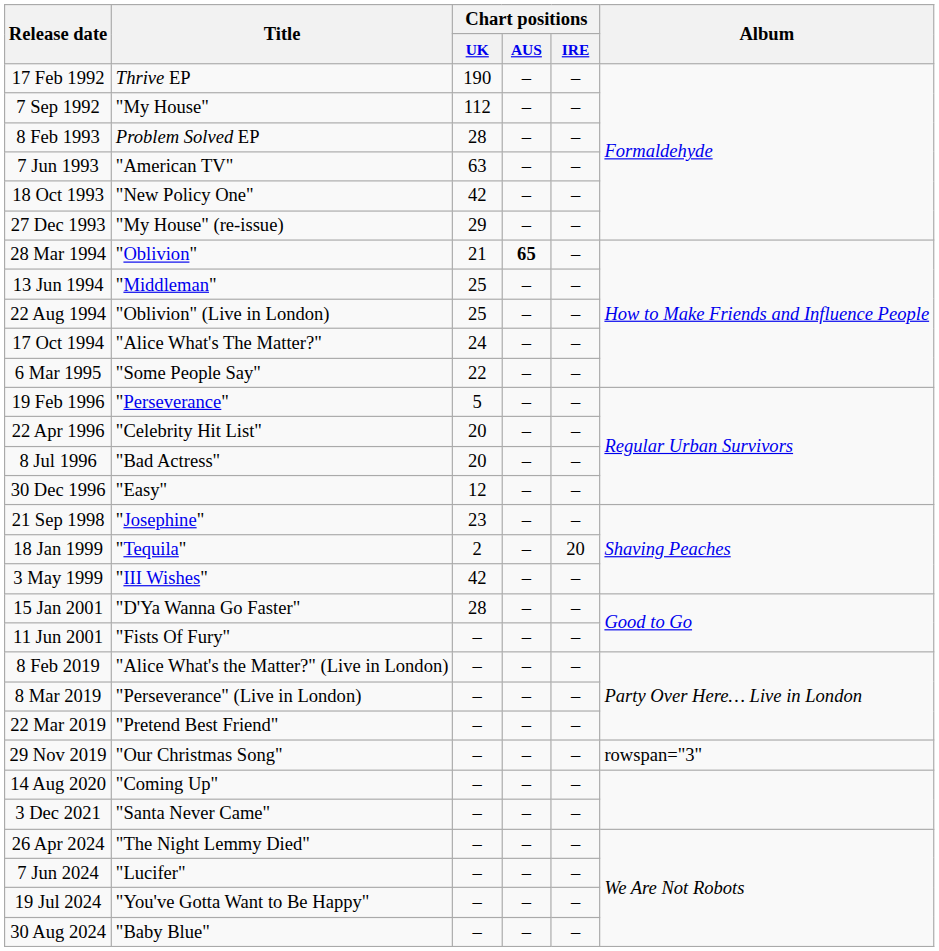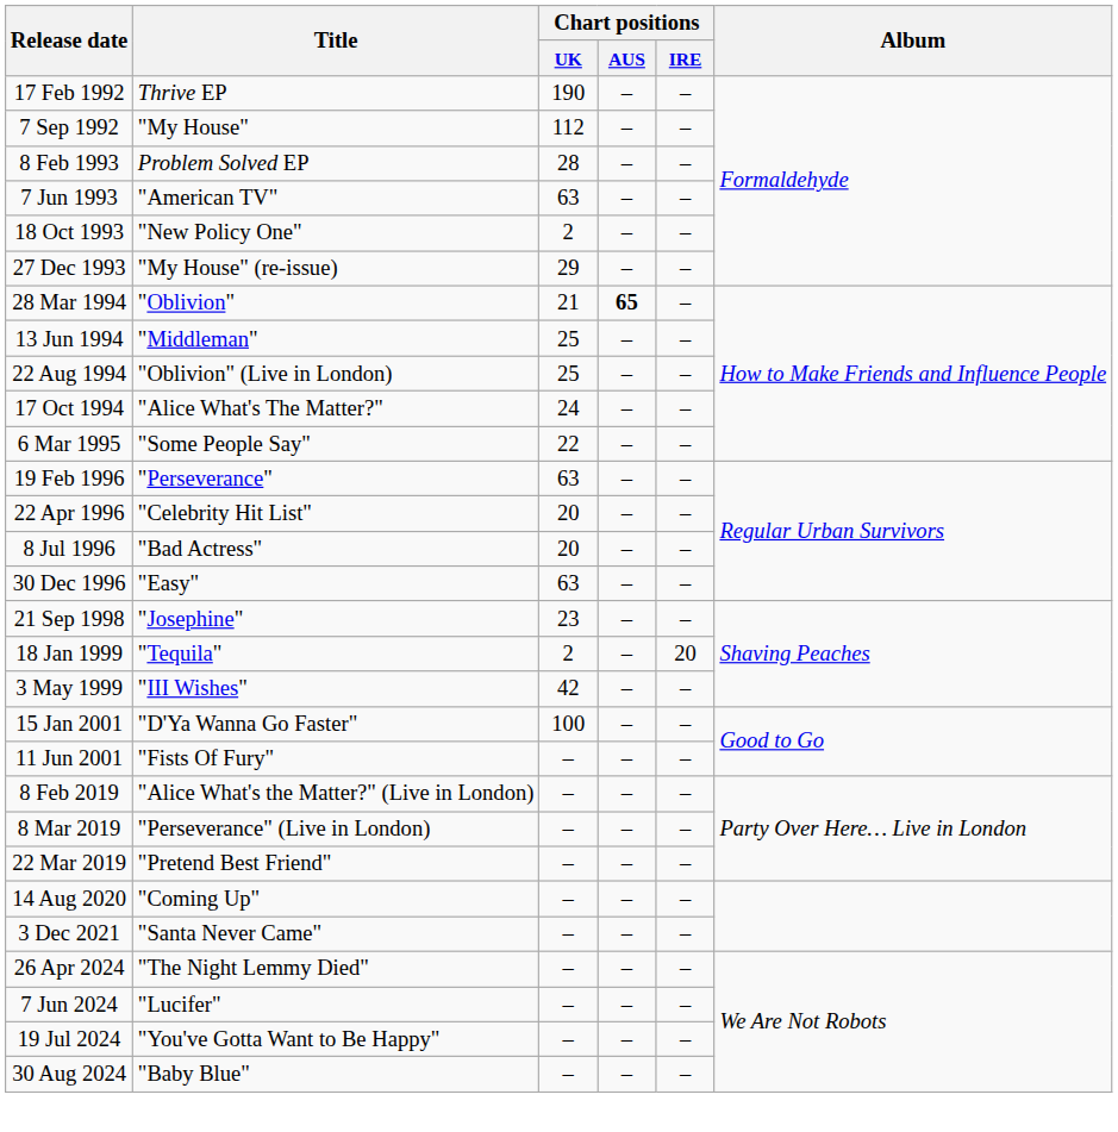 <table class="wikitable">
 <tr>
 <th rowspan="2">Release date</th>
 <th rowspan="2">Title</th>
 <th colspan="3">Chart positions</th>
 <th rowspan="2">Album</th>
 </tr>
 <tr>
 <th width="35"><small><a href='#'>UK</a><br></small></th>
 <th width="35"><small><a href='#'>AUS</a><br></small></th>
 <th width="35"><small><a href='#'>IRE</a><br></small></th>
 </tr>
 <tr>
 <td align=center>17 Feb 1992</td>
 <td><em>Thrive</em> EP</td>
 <td style="text-align:center;">190</td>
 <td style="text-align:center;">–</td>
 <td style="text-align:center;">–</td>
 <td rowspan="6"><em><a href='#'>Formaldehyde</a></em></td>
 </tr>
 <tr>
 <td align=center>7 Sep 1992</td>
 <td>"My House"</td>
 <td style="text-align:center;">112</td>
 <td style="text-align:center;">–</td>
 <td style="text-align:center;">–</td>
 </tr>
 <tr>
 <td align=center>8 Feb 1993</td>
 <td><em>Problem Solved</em> EP</td>
 <td style="text-align:center;">28</td>
 <td style="text-align:center;">–</td>
 <td style="text-align:center;">–</td>
 </tr>
 <tr>
 <td align=center>7 Jun 1993</td>
 <td>"American TV"</td>
 <td style="text-align:center;">63</td>
 <td style="text-align:center;">–</td>
 <td style="text-align:center;">–</td>
 </tr>
 <tr>
 <td align=center>18 Oct 1993</td>
 <td>"New Policy One"</td>
-<td style="text-align:center;">42</td>
+<td style="text-align:center;">2</td>
 <td style="text-align:center;">–</td>
 <td style="text-align:center;">–</td>
 </tr>
 <tr>
 <td align=center>27 Dec 1993</td>
 <td>"My House" (re-issue)</td>
 <td style="text-align:center;">29</td>
 <td style="text-align:center;">–</td>
 <td style="text-align:center;">–</td>
 </tr>
 <tr>
 <td align=center>28 Mar 1994</td>
 <td>"<a href='#'>Oblivion</a>"</td>
 <td style="text-align:center;">21</td>
 <td style="text-align:center;"><strong>65</strong></td>
 <td style="text-align:center;">–</td>
 <td rowspan="5"><em><a href='#'>How to Make Friends and Influence People</a></em></td>
 </tr>
 <tr>
 <td align=center>13 Jun 1994</td>
 <td>"<a href='#'>Middleman</a>"</td>
 <td style="text-align:center;">25</td>
 <td style="text-align:center;">–</td>
 <td style="text-align:center;">–</td>
 </tr>
 <tr>
 <td align=center>22 Aug 1994</td>
 <td>"Oblivion" (Live in London)</td>
 <td style="text-align:center;">25</td>
 <td style="text-align:center;">–</td>
 <td style="text-align:center;">–</td>
 </tr>
 <tr>
 <td align=center>17 Oct 1994</td>
 <td>"Alice What's The Matter?"</td>
 <td style="text-align:center;">24</td>
 <td style="text-align:center;">–</td>
 <td style="text-align:center;">–</td>
 </tr>
 <tr>
 <td align=center>6 Mar 1995</td>
 <td>"Some People Say"</td>
 <td style="text-align:center;">22</td>
 <td style="text-align:center;">–</td>
 <td style="text-align:center;">–</td>
 </tr>
 <tr>
 <td align=center>19 Feb 1996</td>
 <td>"<a href='#'>Perseverance</a>"</td>
-<td style="text-align:center;">5</td>
+<td style="text-align:center;">63</td>
 <td style="text-align:center;">–</td>
 <td style="text-align:center;">–</td>
 <td rowspan="4"><em><a href='#'>Regular Urban Survivors</a></em></td>
 </tr>
 <tr>
 <td align=center>22 Apr 1996</td>
 <td>"Celebrity Hit List"</td>
 <td style="text-align:center;">20</td>
 <td style="text-align:center;">–</td>
 <td style="text-align:center;">–</td>
 </tr>
 <tr>
 <td align=center>8 Jul 1996</td>
 <td>"Bad Actress"</td>
 <td style="text-align:center;">20</td>
 <td style="text-align:center;">–</td>
 <td style="text-align:center;">–</td>
 </tr>
 <tr>
 <td align=center>30 Dec 1996</td>
 <td>"Easy"</td>
-<td style="text-align:center;">12</td>
+<td style="text-align:center;">63</td>
 <td style="text-align:center;">–</td>
 <td style="text-align:center;">–</td>
 </tr>
 <tr>
 <td align=center>21 Sep 1998</td>
 <td>"<a href='#'>Josephine</a>"</td>
 <td style="text-align:center;">23</td>
 <td style="text-align:center;">–</td>
 <td style="text-align:center;">–</td>
 <td rowspan="3"><em><a href='#'>Shaving Peaches</a></em></td>
 </tr>
 <tr>
 <td align=center>18 Jan 1999</td>
 <td>"<a href='#'>Tequila</a>"</td>
 <td style="text-align:center;">2</td>
 <td style="text-align:center;">–</td>
 <td style="text-align:center;">20</td>
 </tr>
 <tr>
 <td align=center>3 May 1999</td>
 <td>"<a href='#'>III Wishes</a>"</td>
 <td style="text-align:center;">42</td>
 <td style="text-align:center;">–</td>
 <td style="text-align:center;">–</td>
 </tr>
 <tr>
 <td align=center>15 Jan 2001</td>
 <td>"D'Ya Wanna Go Faster"</td>
-<td style="text-align:center;">28</td>
+<td style="text-align:center;">100</td>
 <td style="text-align:center;">–</td>
 <td style="text-align:center;">–</td>
 <td rowspan="2"><em><a href='#'>Good to Go</a></em></td>
 </tr>
 <tr>
 <td align=center>11 Jun 2001</td>
 <td>"Fists Of Fury"</td>
 <td style="text-align:center;">–</td>
 <td style="text-align:center;">–</td>
 <td style="text-align:center;">–</td>
 </tr>
 <tr>
 <td align=center>8 Feb 2019</td>
 <td>"Alice What's the Matter?" (Live in London)</td>
 <td style="text-align:center;">–</td>
 <td style="text-align:center;">–</td>
 <td style="text-align:center;">–</td>
 <td rowspan="3"><em>Party Over Here… Live in London</em></td>
 </tr>
 <tr>
 <td align=center>8 Mar 2019</td>
 <td>"Perseverance" (Live in London)</td>
 <td style="text-align:center;">–</td>
 <td style="text-align:center;">–</td>
 <td style="text-align:center;">–</td>
 </tr>
 <tr>
 <td align=center>22 Mar 2019</td>
 <td>"Pretend Best Friend"</td>
 <td style="text-align:center;">–</td>
 <td style="text-align:center;">–</td>
 <td style="text-align:center;">–</td>
-</tr>
-<tr>
-<td align=center>29 Nov 2019</td>
-<td>"Our Christmas Song"</td>
-<td style="text-align:center;">–</td>
-<td style="text-align:center;">–</td>
-<td style="text-align:center;">–</td>
-<td>rowspan="3" </td>
 </tr>
 <tr>
 <td align=center>14 Aug 2020</td>
 <td>"Coming Up"</td>
 <td style="text-align:center;">–</td>
 <td style="text-align:center;">–</td>
 <td style="text-align:center;">–</td>
 </tr>
 <tr>
 <td align=center>3 Dec 2021</td>
 <td>"Santa Never Came"</td>
 <td style="text-align:center;">–</td>
 <td style="text-align:center;">–</td>
 <td style="text-align:center;">–</td>
 </tr>
 <tr>
 <td align=center>26 Apr 2024</td>
 <td>"The Night Lemmy Died"</td>
 <td style="text-align:center;">–</td>
 <td style="text-align:center;">–</td>
 <td style="text-align:center;">–</td>
 <td rowspan="4"><em>We Are Not Robots</em></td>
 </tr>
 <tr>
 <td align=center>7 Jun 2024</td>
 <td>"Lucifer"</td>
 <td style="text-align:center;">–</td>
 <td style="text-align:center;">–</td>
 <td style="text-align:center;">–</td>
 </tr>
 <tr>
 <td align=center>19 Jul 2024</td>
 <td>"You've Gotta Want to Be Happy"</td>
 <td style="text-align:center;">–</td>
 <td style="text-align:center;">–</td>
 <td style="text-align:center;">–</td>
 </tr>
 <tr>
 <td align=center>30 Aug 2024</td>
 <td>"Baby Blue"</td>
 <td style="text-align:center;">–</td>
 <td style="text-align:center;">–</td>
 <td style="text-align:center;">–</td>
 </tr>
 </table>
